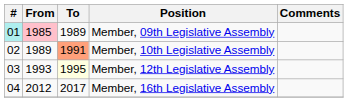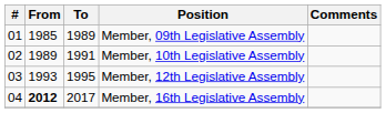 <table class="wikitable sortable">
 <tr>
 <th>#</th>
 <th>From</th>
 <th>To</th>
 <th>Position</th>
 <th>Comments</th>
 </tr>
 <tr>
-<td style="background: paleturquoise;">01</td>
-<td style="background: pink;">1985</td>
+<td>01</td>
+<td>1985</td>
 <td>1989</td>
 <td>Member, <a href='#'>09th Legislative Assembly</a></td>
 <td></td>
 </tr>
 <tr>
 <td>02</td>
 <td>1989</td>
-<td style="background: lightsalmon;">1991</td>
+<td>1991</td>
 <td>Member, <a href='#'>10th Legislative Assembly</a></td>
 <td></td>
 </tr>
 <tr>
 <td>03</td>
 <td>1993</td>
-<td style="background: lightyellow;">1995</td>
+<td>1995</td>
 <td>Member, <a href='#'>12th Legislative Assembly</a></td>
 <td></td>
 </tr>
 <tr>
 <td>04</td>
-<td>2012</td>
+<td><strong>2012</strong></td>
 <td>2017</td>
 <td>Member, <a href='#'>16th Legislative Assembly</a></td>
 <td></td>
 </tr>
 <tr>
 </tr>
 </table>
